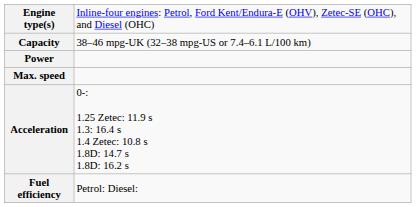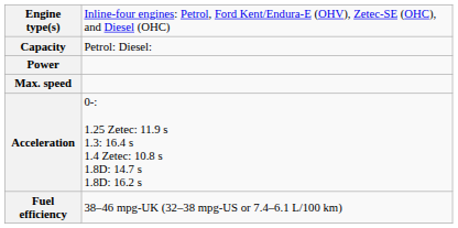 <table class="wikitable">
 <tr>
 <th>Engine type(s)</th>
 <td><a href='#'>Inline-four engines</a>: <a href='#'>Petrol</a>, <a href='#'>Ford Kent/Endura-E</a> (<a href='#'>OHV</a>), <a href='#'>Zetec-SE</a> (<a href='#'>OHC</a>), and <a href='#'>Diesel</a> (OHC)</td>
 </tr>
 <tr>
 <th>Capacity</th>
-<td>38–46 mpg-UK (32–38 mpg-US or 7.4–6.1 L/100 km)</td>
+<td>Petrol:  Diesel: </td>
 </tr>
 <tr>
 <th>Power</th>
 <td></td>
 </tr>
 <tr>
 <th>Max. speed</th>
 <td></td>
 </tr>
 <tr>
 <th>Acceleration</th>
 <td>0-:<br><br>1.25 Zetec: 11.9 s<br> 1.3: 16.4 s<br> 1.4 Zetec: 10.8 s<br> 1.8D: 14.7 s<br> 1.8D: 16.2 s</td>
 </tr>
 <tr>
 <th>Fuel efficiency</th>
-<td>Petrol:  Diesel: </td>
+<td>38–46 mpg-UK (32–38 mpg-US or 7.4–6.1 L/100 km)</td>
 </tr>
 </table>
